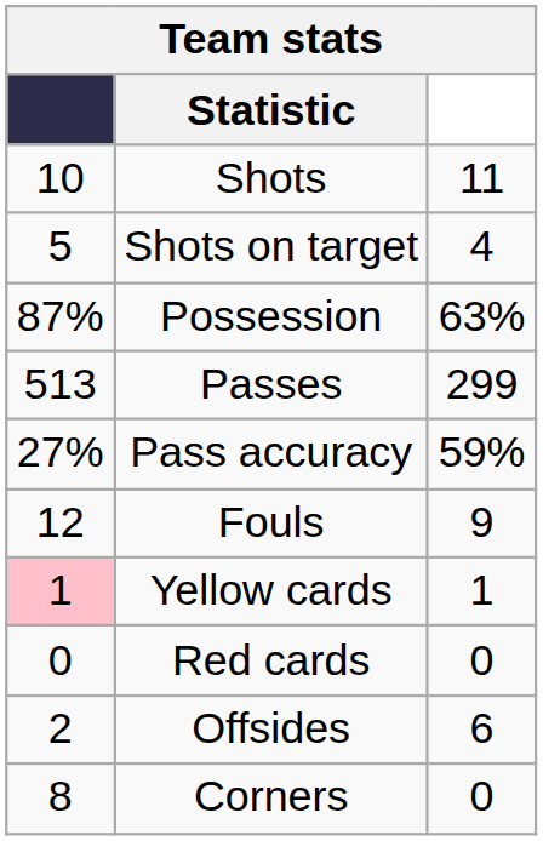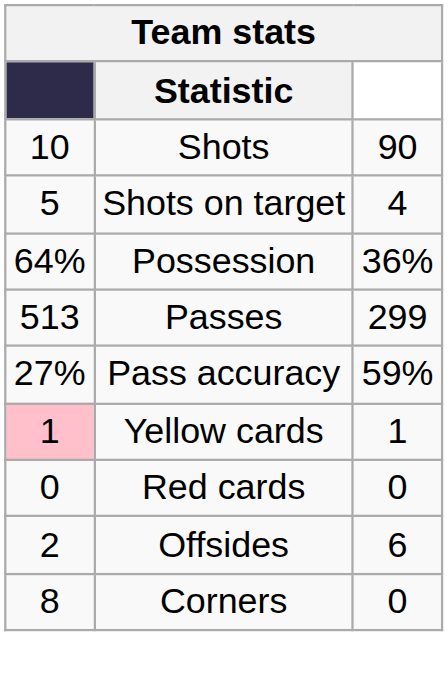 <table class="wikitable" style="margin-left: auto; margin-right: auto; border: none; text-align:center;">
 <tr>
 <th colspan=3>Team stats</th>
 </tr>
 <tr>
 <th style="background: #2D2A4A; color: #FFFFFF;"> <a href='#'></a></th>
 <th>Statistic</th>
 <th style="background: #FFFFFF; color: #CE1126;"> <a href='#'></a></th>
 </tr>
 <tr>
 <td>10</td>
 <td>Shots</td>
-<td>11</td>
+<td>90</td>
 </tr>
 <tr>
 <td>5</td>
 <td>Shots on target</td>
 <td>4</td>
 </tr>
 <tr>
-<td>87%</td>
+<td>64%</td>
 <td>Possession</td>
-<td>63%</td>
+<td>36%</td>
 </tr>
 <tr>
 <td>513</td>
 <td>Passes</td>
 <td>299</td>
 </tr>
 <tr>
 <td>27%</td>
 <td>Pass accuracy</td>
 <td>59%</td>
-</tr>
-<tr>
-<td>12</td>
-<td>Fouls</td>
-<td>9</td>
 </tr>
 <tr>
 <td style="background: pink;">1</td>
 <td>Yellow cards</td>
 <td>1</td>
 </tr>
 <tr>
 <td>0</td>
 <td>Red cards</td>
 <td>0</td>
 </tr>
 <tr>
 <td>2</td>
 <td>Offsides</td>
 <td>6</td>
 </tr>
 <tr>
 <td>8</td>
 <td>Corners</td>
 <td>0</td>
 </tr>
 </table>
